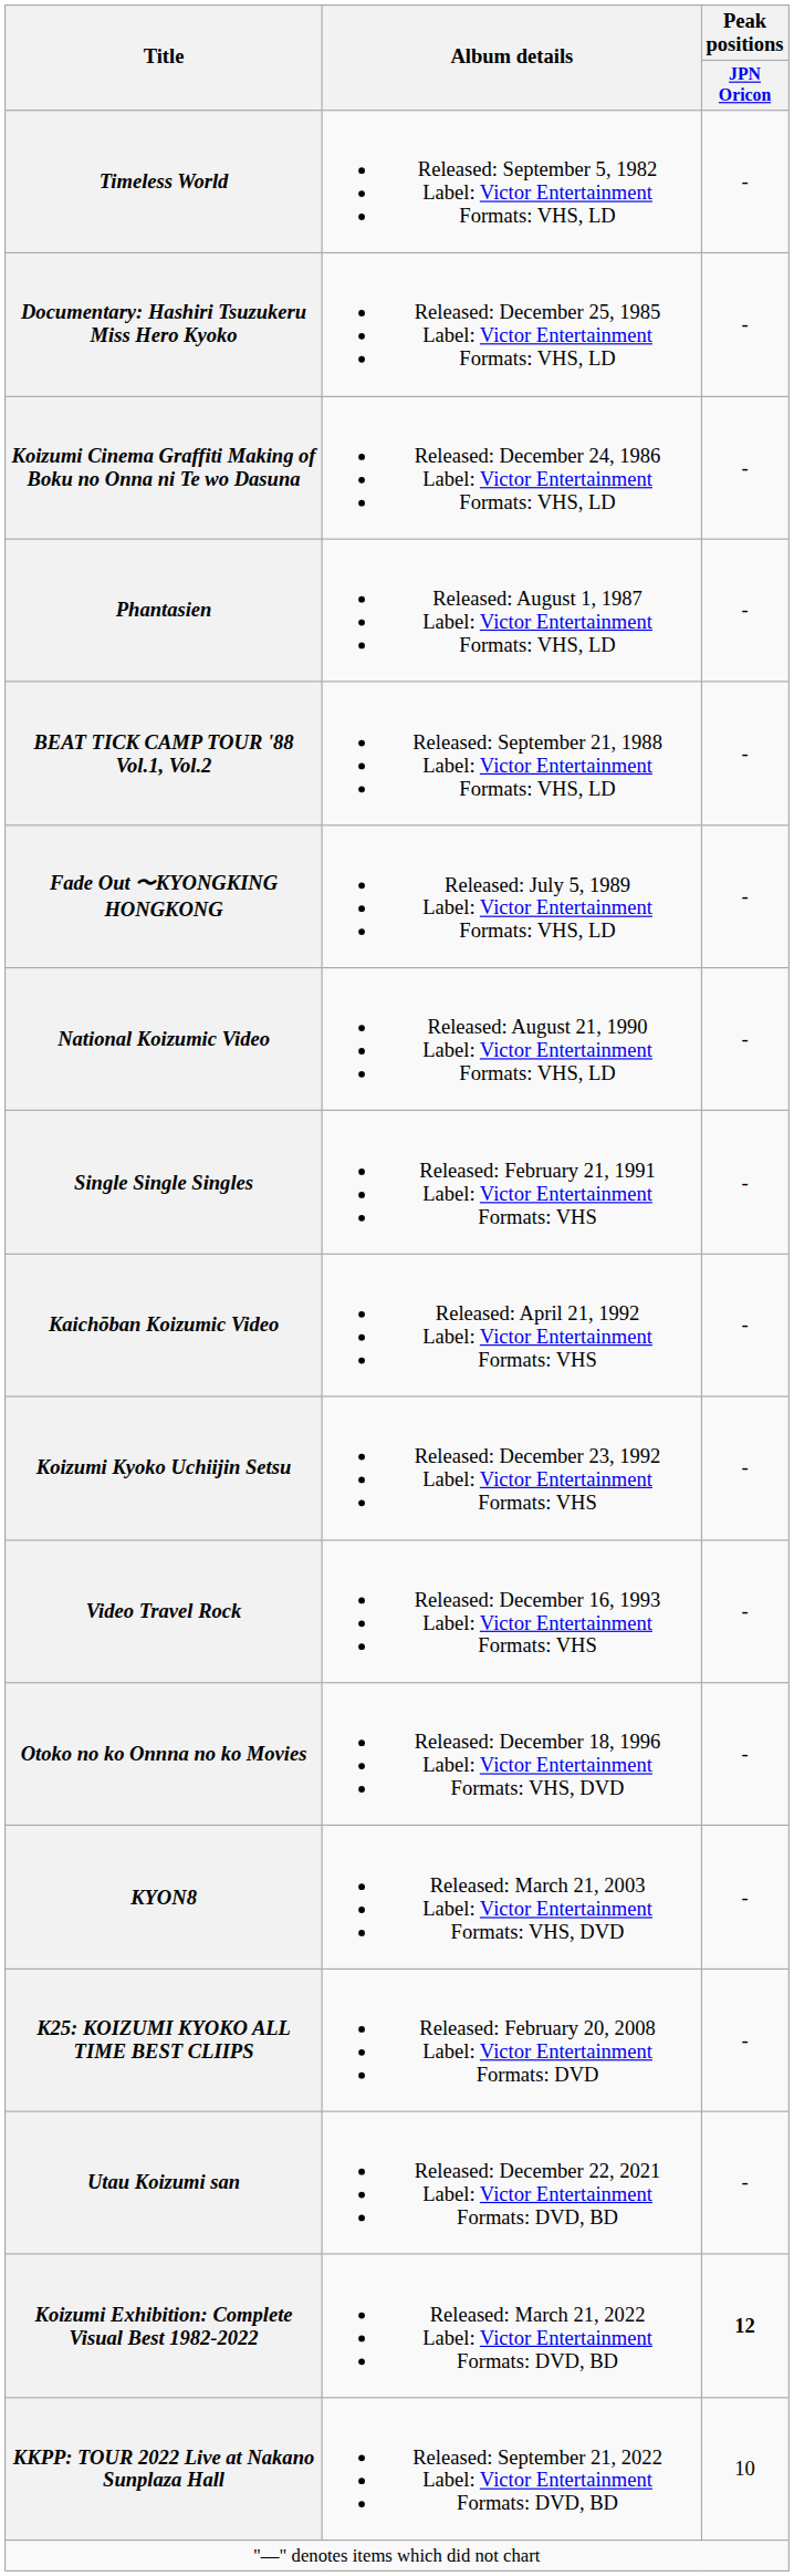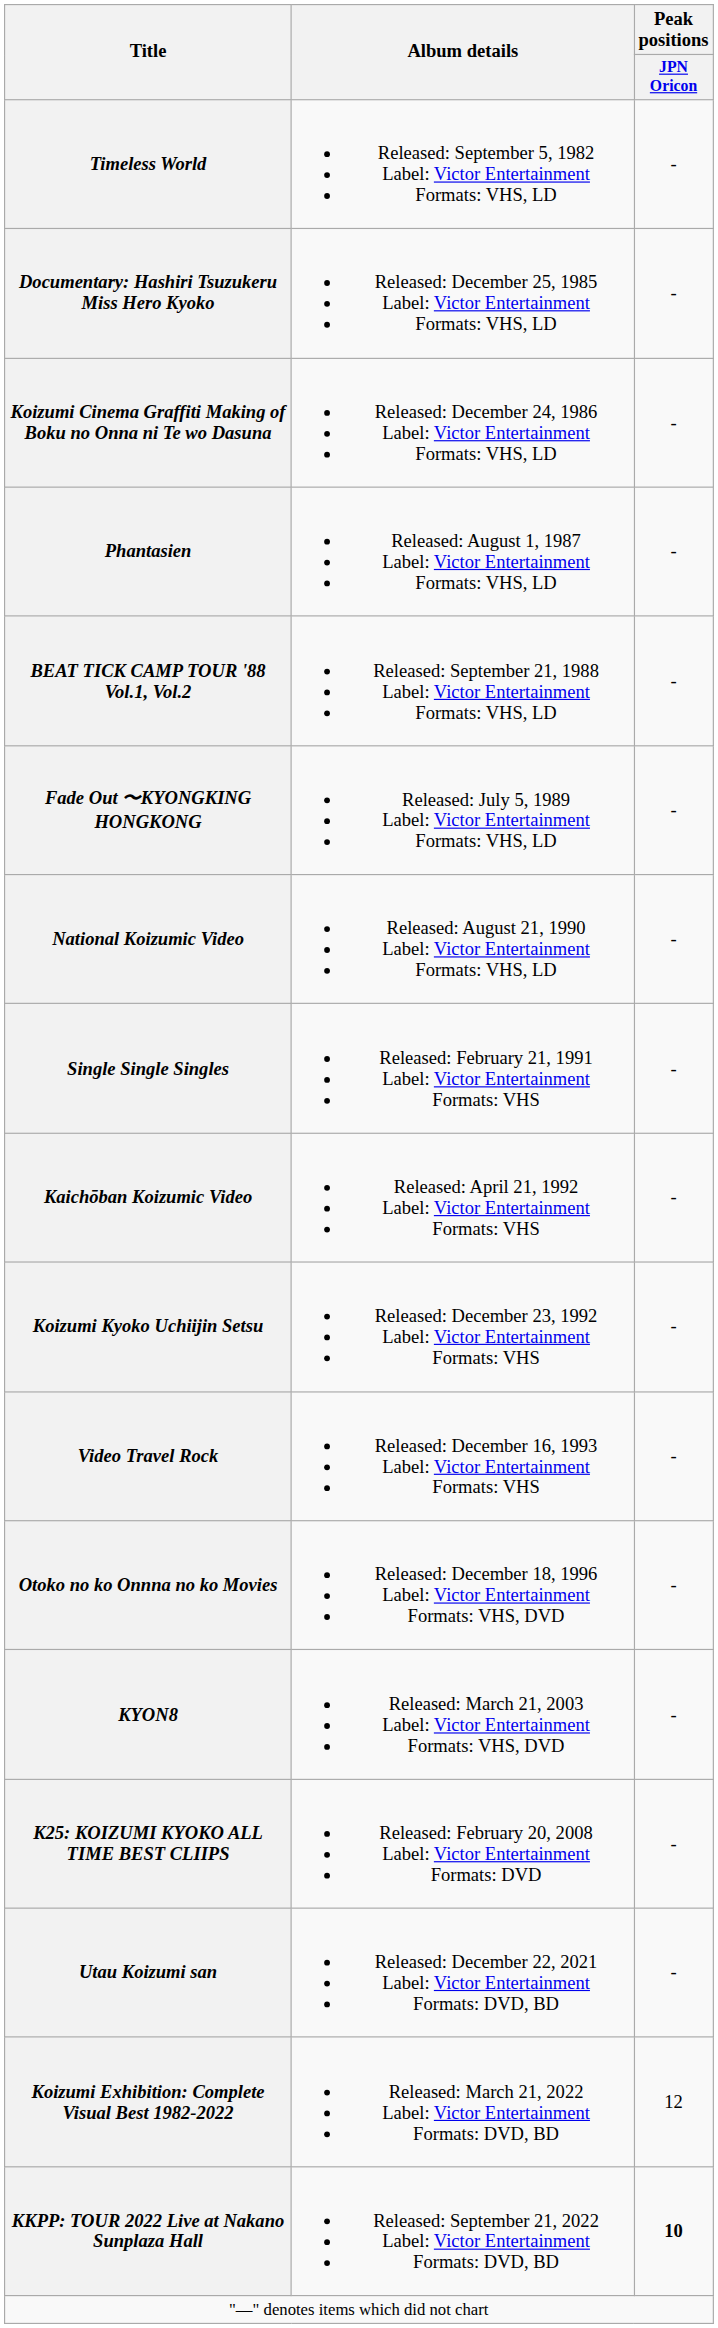 <table class="wikitable plainrowheaders" style="text-align:center;">
 <tr>
 <th style="width:15em;" rowspan="2">Title</th>
 <th style="width:18em;" rowspan="2">Album details</th>
 <th colspan="1">Peak positions</th>
 </tr>
 <tr>
 <th style="width:3em;font-size:85%"><a href='#'>JPN<br>Oricon</a><br></th>
 </tr>
 <tr>
 <th scope="row"><em>Timeless World</em></th>
 <td><br><ul><li>Released: September 5, 1982</li><li>Label: <a href='#'>Victor Entertainment</a></li><li>Formats: VHS, LD</li></ul></td>
 <td>-</td>
 </tr>
 <tr>
 <th scope="row"><em>Documentary: Hashiri Tsuzukeru Miss Hero Kyoko</em></th>
 <td><br><ul><li>Released: December 25, 1985</li><li>Label: <a href='#'>Victor Entertainment</a></li><li>Formats: VHS, LD</li></ul></td>
 <td>-</td>
 </tr>
 <tr>
 <th scope="row"><em>Koizumi Cinema Graffiti Making of Boku no Onna ni Te wo Dasuna</em></th>
 <td><br><ul><li>Released: December 24, 1986</li><li>Label: <a href='#'>Victor Entertainment</a></li><li>Formats: VHS, LD</li></ul></td>
 <td>-</td>
 </tr>
 <tr>
 <th scope="row"><em>Phantasien</em></th>
 <td><br><ul><li>Released: August 1, 1987</li><li>Label: <a href='#'>Victor Entertainment</a></li><li>Formats: VHS, LD</li></ul></td>
 <td>-</td>
 </tr>
 <tr>
 <th scope="row"><em>BEAT TICK CAMP TOUR '88 Vol.1, Vol.2</em></th>
 <td><br><ul><li>Released: September 21, 1988</li><li>Label: <a href='#'>Victor Entertainment</a></li><li>Formats: VHS, LD</li></ul></td>
 <td>-</td>
 </tr>
 <tr>
 <th scope="row"><em>Fade Out 〜KYONGKING HONGKONG</em></th>
 <td><br><ul><li>Released: July 5, 1989</li><li>Label: <a href='#'>Victor Entertainment</a></li><li>Formats: VHS, LD</li></ul></td>
 <td>-</td>
 </tr>
 <tr>
 <th scope="row"><em>National Koizumic Video</em></th>
 <td><br><ul><li>Released: August 21, 1990</li><li>Label: <a href='#'>Victor Entertainment</a></li><li>Formats: VHS, LD</li></ul></td>
 <td>-</td>
 </tr>
 <tr>
 <th scope="row"><em>Single Single Singles</em></th>
 <td><br><ul><li>Released: February 21, 1991</li><li>Label: <a href='#'>Victor Entertainment</a></li><li>Formats: VHS</li></ul></td>
 <td>-</td>
 </tr>
 <tr>
 <th scope="row"><em>Kaichōban Koizumic Video</em></th>
 <td><br><ul><li>Released: April 21, 1992</li><li>Label: <a href='#'>Victor Entertainment</a></li><li>Formats: VHS</li></ul></td>
 <td>-</td>
 </tr>
 <tr>
 <th scope="row"><em>Koizumi Kyoko Uchiijin Setsu</em></th>
 <td><br><ul><li>Released: December 23, 1992</li><li>Label: <a href='#'>Victor Entertainment</a></li><li>Formats: VHS</li></ul></td>
 <td>-</td>
 </tr>
 <tr>
 <th scope="row"><em>Video Travel Rock</em></th>
 <td><br><ul><li>Released: December 16, 1993</li><li>Label: <a href='#'>Victor Entertainment</a></li><li>Formats: VHS</li></ul></td>
 <td>-</td>
 </tr>
 <tr>
 <th scope="row"><em>Otoko no ko Onnna no ko Movies</em></th>
 <td><br><ul><li>Released: December 18, 1996</li><li>Label: <a href='#'>Victor Entertainment</a></li><li>Formats: VHS, DVD</li></ul></td>
 <td>-</td>
 </tr>
 <tr>
 <th scope="row"><em>KYON8</em></th>
 <td><br><ul><li>Released: March 21, 2003</li><li>Label: <a href='#'>Victor Entertainment</a></li><li>Formats: VHS, DVD</li></ul></td>
 <td>-</td>
 </tr>
 <tr>
 <th scope="row"><em>K25: KOIZUMI KYOKO ALL TIME BEST CLIIPS</em></th>
 <td><br><ul><li>Released: February 20, 2008</li><li>Label: <a href='#'>Victor Entertainment</a></li><li>Formats: DVD</li></ul></td>
 <td>-</td>
 </tr>
 <tr>
 <th scope="row"><em>Utau Koizumi san</em></th>
 <td><br><ul><li>Released: December 22, 2021</li><li>Label: <a href='#'>Victor Entertainment</a></li><li>Formats: DVD, BD</li></ul></td>
 <td>-</td>
 </tr>
 <tr>
 <th scope="row"><em>Koizumi Exhibition: Complete Visual Best 1982-2022</em></th>
 <td><br><ul><li>Released: March 21, 2022</li><li>Label: <a href='#'>Victor Entertainment</a></li><li>Formats: DVD, BD</li></ul></td>
-<td><strong>12</strong></td>
+<td>12</td>
 </tr>
 <tr>
 <th scope="row"><em>KKPP: TOUR 2022 Live at Nakano Sunplaza Hall</em></th>
 <td><br><ul><li>Released: September 21, 2022</li><li>Label: <a href='#'>Victor Entertainment</a></li><li>Formats: DVD, BD</li></ul></td>
-<td>10</td>
+<td><strong>10</strong></td>
 </tr>
 <tr>
 <td colspan="11" align="center" style="font-size:90%;">"—" denotes items which did not chart</td>
 </tr>
 </table>
